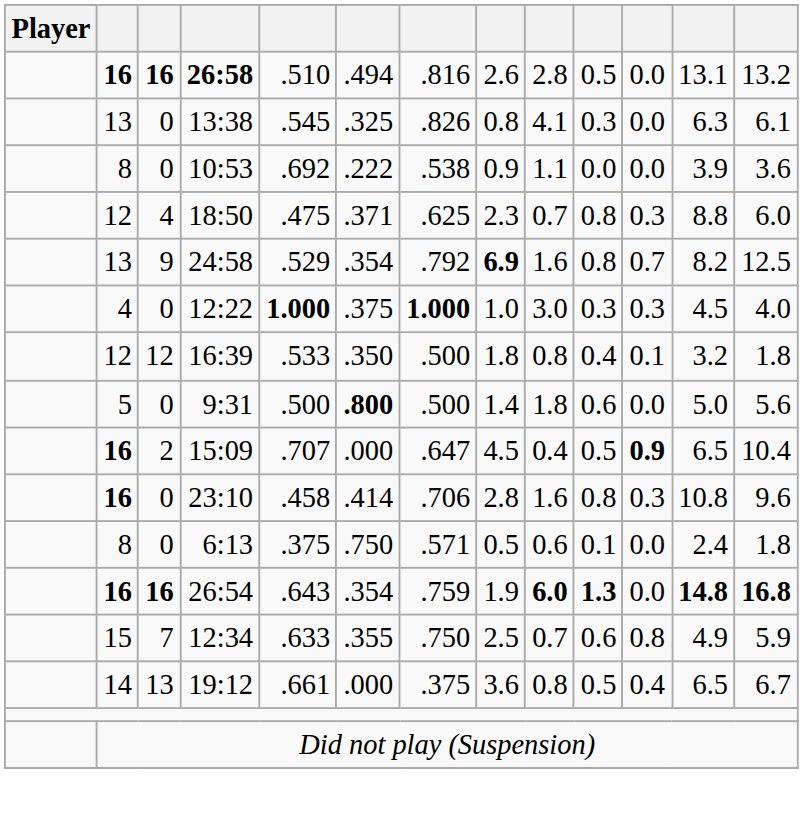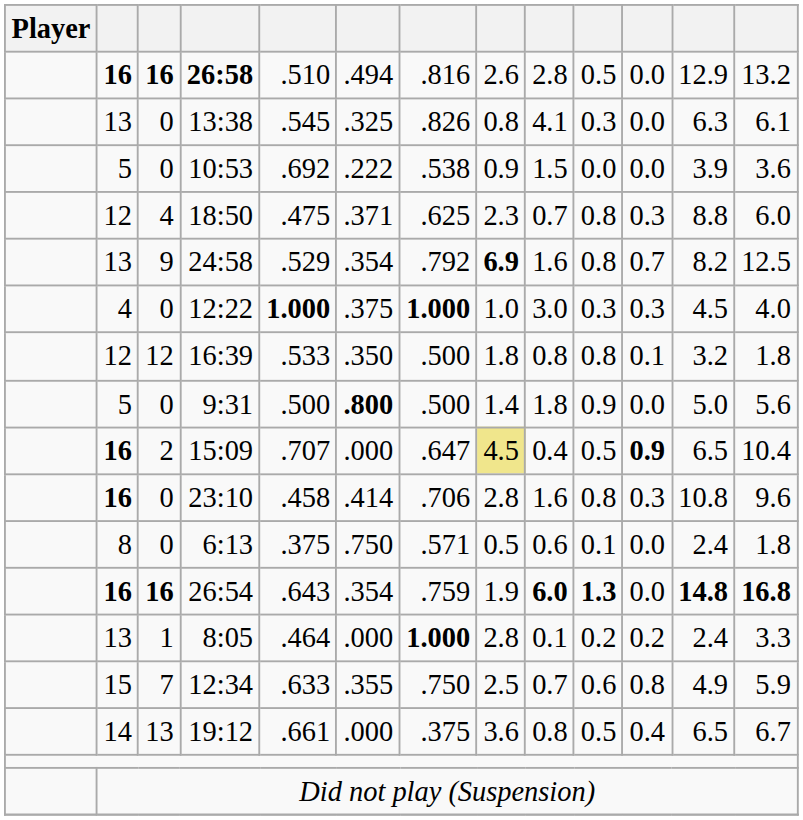 <table class="wikitable sortable" style="font-size:95%; text-align:right;">
 <tr>
 <th>Player</th>
 <th></th>
 <th></th>
 <th></th>
 <th></th>
 <th></th>
 <th></th>
 <th></th>
 <th></th>
 <th></th>
 <th></th>
 <th></th>
 <th></th>
 </tr>
 <tr>
 <td><strong></strong></td>
 <td><strong>16</strong></td>
 <td><strong>16</strong></td>
 <td><strong>26:58</strong></td>
 <td>.510</td>
 <td>.494</td>
 <td>.816</td>
 <td>2.6</td>
 <td>2.8</td>
 <td>0.5</td>
 <td>0.0</td>
-<td>13.1</td>
+<td>12.9</td>
 <td>13.2</td>
 </tr>
 <tr>
 <td><strong></strong></td>
 <td>13</td>
 <td>0</td>
 <td>13:38</td>
 <td>.545</td>
 <td>.325</td>
 <td>.826</td>
 <td>0.8</td>
 <td>4.1</td>
 <td>0.3</td>
 <td>0.0</td>
 <td>6.3</td>
 <td>6.1</td>
 </tr>
 <tr>
 <td><strong></strong></td>
-<td>8</td>
+<td>5</td>
 <td>0</td>
 <td>10:53</td>
 <td>.692</td>
 <td>.222</td>
 <td>.538</td>
 <td>0.9</td>
-<td>1.1</td>
+<td>1.5</td>
 <td>0.0</td>
 <td>0.0</td>
 <td>3.9</td>
 <td>3.6</td>
 </tr>
 <tr>
 <td><strong></strong></td>
 <td>12</td>
 <td>4</td>
 <td>18:50</td>
 <td>.475</td>
 <td>.371</td>
 <td>.625</td>
 <td>2.3</td>
 <td>0.7</td>
 <td>0.8</td>
 <td>0.3</td>
 <td>8.8</td>
 <td>6.0</td>
 </tr>
 <tr>
 <td><strong></strong></td>
 <td>13</td>
 <td>9</td>
 <td>24:58</td>
 <td>.529</td>
 <td>.354</td>
 <td>.792</td>
 <td><strong>6.9</strong></td>
 <td>1.6</td>
 <td>0.8</td>
 <td>0.7</td>
 <td>8.2</td>
 <td>12.5</td>
 </tr>
 <tr>
 <td><strong></strong></td>
 <td>4</td>
 <td>0</td>
 <td>12:22</td>
 <td><strong>1.000</strong></td>
 <td>.375</td>
 <td><strong>1.000</strong></td>
 <td>1.0</td>
 <td>3.0</td>
 <td>0.3</td>
 <td>0.3</td>
 <td>4.5</td>
 <td>4.0</td>
 </tr>
 <tr>
 <td><strong></strong></td>
 <td>12</td>
 <td>12</td>
 <td>16:39</td>
 <td>.533</td>
 <td>.350</td>
 <td>.500</td>
 <td>1.8</td>
 <td>0.8</td>
-<td>0.4</td>
+<td>0.8</td>
 <td>0.1</td>
 <td>3.2</td>
 <td>1.8</td>
 </tr>
 <tr>
 <td><strong></strong></td>
 <td>5</td>
 <td>0</td>
 <td>9:31</td>
 <td>.500</td>
 <td><strong>.800</strong></td>
 <td>.500</td>
 <td>1.4</td>
 <td>1.8</td>
-<td>0.6</td>
+<td>0.9</td>
 <td>0.0</td>
 <td>5.0</td>
 <td>5.6</td>
 </tr>
 <tr>
 <td><strong></strong></td>
 <td><strong>16</strong></td>
 <td>2</td>
 <td>15:09</td>
 <td>.707</td>
 <td>.000</td>
 <td>.647</td>
-<td>4.5</td>
+<td style="background: khaki;">4.5</td>
 <td>0.4</td>
 <td>0.5</td>
 <td><strong>0.9</strong></td>
 <td>6.5</td>
 <td>10.4</td>
 </tr>
 <tr>
 <td><strong></strong></td>
 <td><strong>16</strong></td>
 <td>0</td>
 <td>23:10</td>
 <td>.458</td>
 <td>.414</td>
 <td>.706</td>
 <td>2.8</td>
 <td>1.6</td>
 <td>0.8</td>
 <td>0.3</td>
 <td>10.8</td>
 <td>9.6</td>
 </tr>
 <tr>
 <td><strong></strong></td>
 <td>8</td>
 <td>0</td>
 <td>6:13</td>
 <td>.375</td>
 <td>.750</td>
 <td>.571</td>
 <td>0.5</td>
 <td>0.6</td>
 <td>0.1</td>
 <td>0.0</td>
 <td>2.4</td>
 <td>1.8</td>
 </tr>
 <tr>
 <td><strong></strong></td>
 <td><strong>16</strong></td>
 <td><strong>16</strong></td>
 <td>26:54</td>
 <td>.643</td>
 <td>.354</td>
 <td>.759</td>
 <td>1.9</td>
 <td><strong>6.0</strong></td>
 <td><strong>1.3</strong></td>
 <td>0.0</td>
 <td><strong>14.8</strong></td>
 <td><strong>16.8</strong></td>
 </tr>
 <tr>
 <td><strong></strong></td>
+<td>13</td>
+<td>1</td>
+<td>8:05</td>
+<td>.464</td>
+<td>.000</td>
+<td><strong>1.000</strong></td>
+<td>2.8</td>
+<td>0.1</td>
+<td>0.2</td>
+<td>0.2</td>
+<td>2.4</td>
+<td>3.3</td>
+</tr>
+<tr>
+<td><strong></strong></td>
 <td>15</td>
 <td>7</td>
 <td>12:34</td>
 <td>.633</td>
 <td>.355</td>
 <td>.750</td>
 <td>2.5</td>
 <td>0.7</td>
 <td>0.6</td>
 <td>0.8</td>
 <td>4.9</td>
 <td>5.9</td>
 </tr>
 <tr>
 <td><strong></strong></td>
 <td>14</td>
 <td>13</td>
 <td>19:12</td>
 <td>.661</td>
 <td>.000</td>
 <td>.375</td>
 <td>3.6</td>
 <td>0.8</td>
 <td>0.5</td>
 <td>0.4</td>
 <td>6.5</td>
 <td>6.7</td>
 </tr>
 <tr class="sortbottom">
 <td colspan=13></td>
 </tr>
 <tr class="sortbottom">
 <td><em></em></td>
 <td colspan=12 style="text-align:center;"><em>Did not play (Suspension)</em></td>
 </tr>
 <tr>
 </tr>
 </table>
